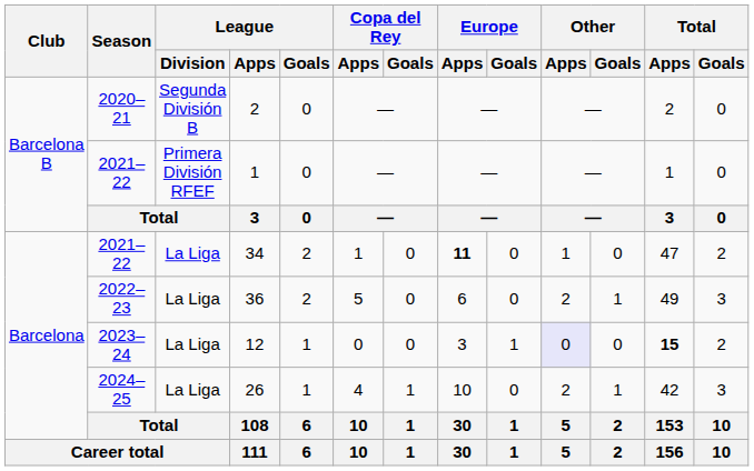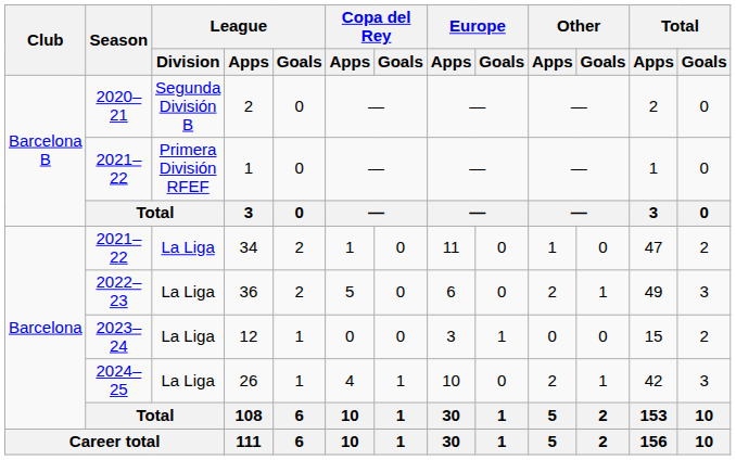 <table class="wikitable" style="text-align: center;">
 <tr>
 <th rowspan="2">Club</th>
 <th rowspan="2">Season</th>
 <th colspan="3">League</th>
 <th colspan="2"><a href='#'>Copa del Rey</a></th>
 <th colspan="2"><a href='#'>Europe</a></th>
 <th colspan="2">Other</th>
 <th colspan="2">Total</th>
 </tr>
 <tr>
 <th>Division</th>
 <th>Apps</th>
 <th>Goals</th>
 <th>Apps</th>
 <th>Goals</th>
 <th>Apps</th>
 <th>Goals</th>
 <th>Apps</th>
 <th>Goals</th>
 <th>Apps</th>
 <th>Goals</th>
 </tr>
 <tr>
 <td rowspan="3"><a href='#'>Barcelona B</a></td>
 <td><a href='#'>2020–21</a></td>
 <td><a href='#'>Segunda División B</a></td>
 <td>2</td>
 <td>0</td>
 <td colspan="2">—</td>
 <td colspan="2">—</td>
 <td colspan="2">—</td>
 <td>2</td>
 <td>0</td>
 </tr>
 <tr>
 <td><a href='#'>2021–22</a></td>
 <td><a href='#'>Primera División RFEF</a></td>
 <td>1</td>
 <td>0</td>
 <td colspan="2">—</td>
 <td colspan="2">—</td>
 <td colspan="2">—</td>
 <td>1</td>
 <td>0</td>
 </tr>
 <tr>
 <th colspan="2">Total</th>
 <th>3</th>
 <th>0</th>
 <th colspan="2">—</th>
 <th colspan="2">—</th>
 <th colspan="2">—</th>
 <th>3</th>
 <th>0</th>
 </tr>
 <tr>
 <td rowspan="5"><a href='#'>Barcelona</a></td>
 <td><a href='#'>2021–22</a></td>
 <td><a href='#'>La Liga</a></td>
 <td>34</td>
 <td>2</td>
 <td>1</td>
 <td>0</td>
-<td><strong>11</strong></td>
+<td>11</td>
 <td>0</td>
 <td>1</td>
 <td>0</td>
 <td>47</td>
 <td>2</td>
 </tr>
 <tr>
 <td><a href='#'>2022–23</a></td>
 <td>La Liga</td>
 <td>36</td>
 <td>2</td>
 <td>5</td>
 <td>0</td>
 <td>6</td>
 <td>0</td>
 <td>2</td>
 <td>1</td>
 <td>49</td>
 <td>3</td>
 </tr>
 <tr>
 <td><a href='#'>2023–24</a></td>
 <td>La Liga</td>
 <td>12</td>
 <td>1</td>
 <td>0</td>
 <td>0</td>
 <td>3</td>
 <td>1</td>
-<td style="background: lavender;">0</td>
 <td>0</td>
-<td><strong>15</strong></td>
+<td>0</td>
+<td>15</td>
 <td>2</td>
 </tr>
 <tr>
 <td><a href='#'>2024–25</a></td>
 <td>La Liga</td>
 <td>26</td>
 <td>1</td>
 <td>4</td>
 <td>1</td>
 <td>10</td>
 <td>0</td>
 <td>2</td>
 <td>1</td>
 <td>42</td>
 <td>3</td>
 </tr>
 <tr>
 <th colspan="2">Total</th>
 <th>108</th>
 <th>6</th>
 <th>10</th>
 <th>1</th>
 <th>30</th>
 <th>1</th>
 <th>5</th>
 <th>2</th>
 <th>153</th>
 <th>10</th>
 </tr>
 <tr>
 <th colspan="3">Career total</th>
 <th>111</th>
 <th>6</th>
 <th>10</th>
 <th>1</th>
 <th>30</th>
 <th>1</th>
 <th>5</th>
 <th>2</th>
 <th>156</th>
 <th>10</th>
 </tr>
 </table>
